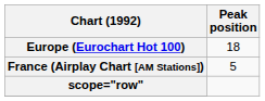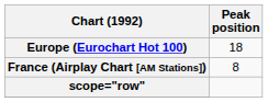 <table class="wikitable sortable plainrowheaders">
 <tr>
 <th>Chart (1992)</th>
 <th>Peak<br>position</th>
 </tr>
 <tr>
 <th scope="row">Europe (<a href='#'>Eurochart Hot 100</a>)</th>
 <td align="center">18</td>
 </tr>
 <tr>
 <th scope="row">France (Airplay Chart <small>[AM Stations]</small>)</th>
-<td align="center">5</td>
+<td align="center">8</td>
 </tr>
 <tr>
 <th>scope="row"</th>
 </tr>
 <tr>
 </tr>
 </table>
